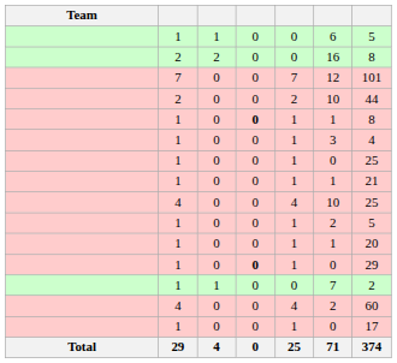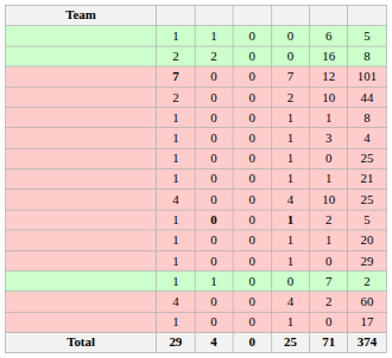 <table class="wikitable" style="text-align:center">
 <tr>
 <th width=180>Team</th>
 <th width=40></th>
 <th width=40></th>
 <th width=40></th>
 <th width=40></th>
 <th width=40></th>
 <th width=40></th>
 </tr>
 <tr bgcolor=#CCFFCC>
 <td style="text-align:left"></td>
 <td>1</td>
 <td>1</td>
 <td>0</td>
 <td>0</td>
 <td>6</td>
 <td>5</td>
 </tr>
 <tr bgcolor=#CCFFCC>
 <td style="text-align:left"></td>
 <td>2</td>
 <td>2</td>
 <td>0</td>
 <td>0</td>
 <td>16</td>
 <td>8</td>
 </tr>
 <tr bgcolor=#FFCCCC>
 <td style="text-align:left"></td>
-<td>7</td>
+<td><strong>7</strong></td>
 <td>0</td>
 <td>0</td>
 <td>7</td>
 <td>12</td>
 <td>101</td>
 </tr>
 <tr bgcolor=#FFCCCC>
 <td style="text-align:left"></td>
 <td>2</td>
 <td>0</td>
 <td>0</td>
 <td>2</td>
 <td>10</td>
 <td>44</td>
 </tr>
 <tr bgcolor=#FFCCCC>
 <td style="text-align:left"></td>
 <td>1</td>
 <td>0</td>
-<td><strong>0</strong></td>
+<td>0</td>
 <td>1</td>
 <td>1</td>
 <td>8</td>
 </tr>
 <tr bgcolor=#FFCCCC>
 <td style="text-align:left"></td>
 <td>1</td>
 <td>0</td>
 <td>0</td>
 <td>1</td>
 <td>3</td>
 <td>4</td>
 </tr>
 <tr bgcolor=#FFCCCC>
 <td style="text-align:left"></td>
 <td>1</td>
 <td>0</td>
 <td>0</td>
 <td>1</td>
 <td>0</td>
 <td>25</td>
 </tr>
 <tr bgcolor=#FFCCCC>
 <td style="text-align:left"></td>
 <td>1</td>
 <td>0</td>
 <td>0</td>
 <td>1</td>
 <td>1</td>
 <td>21</td>
 </tr>
 <tr bgcolor=#FFCCCC>
 <td style="text-align:left"></td>
 <td>4</td>
 <td>0</td>
 <td>0</td>
 <td>4</td>
 <td>10</td>
 <td>25</td>
 </tr>
 <tr bgcolor=#FFCCCC>
 <td style="text-align:left"></td>
 <td>1</td>
+<td><strong>0</strong></td>
 <td>0</td>
-<td>0</td>
-<td>1</td>
+<td><strong>1</strong></td>
 <td>2</td>
 <td>5</td>
 </tr>
 <tr bgcolor=#FFCCCC>
 <td style="text-align:left"></td>
 <td>1</td>
 <td>0</td>
 <td>0</td>
 <td>1</td>
 <td>1</td>
 <td>20</td>
 </tr>
 <tr bgcolor=#FFCCCC>
 <td style="text-align:left"></td>
 <td>1</td>
 <td>0</td>
-<td><strong>0</strong></td>
+<td>0</td>
 <td>1</td>
 <td>0</td>
 <td>29</td>
 </tr>
 <tr bgcolor=#CCFFCC>
 <td style="text-align:left"></td>
 <td>1</td>
 <td>1</td>
 <td>0</td>
 <td>0</td>
 <td>7</td>
 <td>2</td>
 </tr>
 <tr bgcolor=#FFCCCC>
 <td style="text-align:left"></td>
 <td>4</td>
 <td>0</td>
 <td>0</td>
 <td>4</td>
 <td>2</td>
 <td>60</td>
 </tr>
 <tr bgcolor=#FFCCCC>
 <td style="text-align:left"></td>
 <td>1</td>
 <td>0</td>
 <td>0</td>
 <td>1</td>
 <td>0</td>
 <td>17</td>
 </tr>
 <tr>
 <th>Total</th>
 <th>29</th>
 <th>4</th>
 <th>0</th>
 <th>25</th>
 <th>71</th>
 <th>374</th>
 </tr>
 </table>
